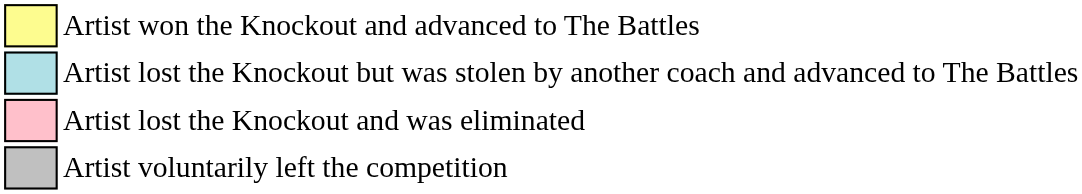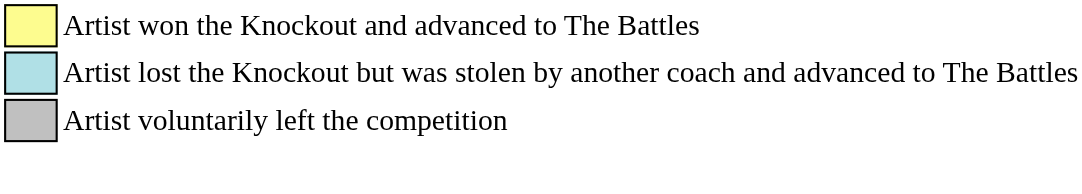 <table class="toccolours" style="font-size: 90%; white-space: nowrap;”">
 <tr>
 <td style="background:#fdfc8f; border:1px solid black;">      </td>
 <td>Artist won the Knockout and advanced to The Battles</td>
 </tr>
 <tr>
 <td style="background:#b0e0e6; border:1px solid black;">      </td>
 <td>Artist lost the Knockout but was stolen by another coach and advanced to The Battles</td>
 </tr>
 <tr>
-<td style="background:pink; border:1px solid black;">      </td>
-<td>Artist lost the Knockout and was eliminated</td>
-</tr>
-<tr>
 <td style="background:silver; border:1px solid black;">      </td>
 <td>Artist voluntarily left the competition</td>
 </tr>
 <tr>
 </tr>
 </table>
